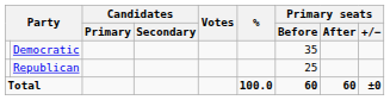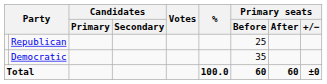 <table class="wikitable">
 <tr>
 <th colspan="2" rowspan="2">Party</th>
 <th colspan="2">Candidates</th>
 <th rowspan="2">Votes</th>
 <th rowspan="2">%</th>
 <th colspan="3">Primary seats</th>
 </tr>
 <tr>
 <th>Primary</th>
 <th>Secondary</th>
 <th>Before</th>
 <th>After</th>
 <th>+/−</th>
 </tr>
 <tr>
 <td style="background-color:"></td>
+<td><a href='#'>Republican</a></td>
+<td style="text-align:right;"></td>
+<td style="text-align:right;"></td>
+<td style="text-align:right;"></td>
+<td style="text-align:right;"></td>
+<td style="text-align:right;">25</td>
+<td style="text-align:right;"></td>
+<td style="text-align:center;"></td>
+</tr>
+<tr>
+<td style="background-color:"></td>
 <td><a href='#'>Democratic</a></td>
 <td style="text-align:right;"></td>
 <td style="text-align:right;"></td>
 <td style="text-align:right;"></td>
 <td style="text-align:right;"></td>
 <td style="text-align:right;">35</td>
 <td style="text-align:right;"></td>
 <td style="text-align:right;"></td>
-</tr>
-<tr>
-<td style="background-color:"></td>
-<td><a href='#'>Republican</a></td>
-<td style="text-align:right;"></td>
-<td style="text-align:right;"></td>
-<td style="text-align:right;"></td>
-<td style="text-align:right;"></td>
-<td style="text-align:right;">25</td>
-<td style="text-align:right;"></td>
-<td style="text-align:center;"></td>
 </tr>
 <tr>
 <td colspan="2"><strong>Total</strong></td>
 <td style="text-align:right;"></td>
 <td style="text-align:right;"></td>
 <td style="text-align:right;"></td>
 <td style="text-align:right;"><strong>100.0</strong></td>
 <td style="text-align:right;"><strong>60</strong></td>
 <td style="text-align:right;"><strong>60</strong></td>
 <td style="text-align:right;"><strong>±0</strong></td>
 </tr>
 </table>
